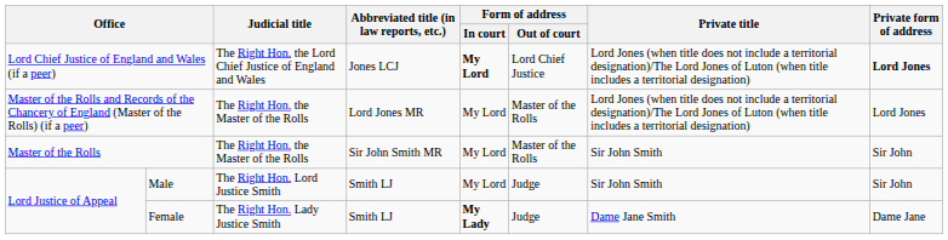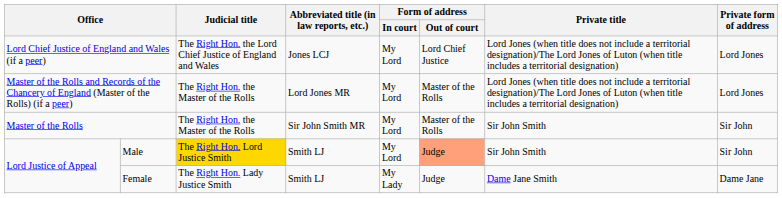 <table class="wikitable">
 <tr>
 <th rowspan=2 colspan=2>Office</th>
 <th rowspan=2>Judicial title</th>
 <th rowspan=2>Abbreviated title (in law reports, etc.)</th>
 <th colspan=2>Form of address</th>
 <th rowspan=2>Private title</th>
 <th rowspan=2>Private form of address</th>
 </tr>
 <tr>
 <th nowrap>In court</th>
 <th nowrap>Out of court</th>
 </tr>
 <tr>
 <td colspan=2><a href='#'>Lord Chief Justice of England and Wales</a> (if a <a href='#'>peer</a>)</td>
 <td>The <a href='#'>Right Hon.</a> the Lord Chief Justice of England and Wales</td>
 <td>Jones LCJ</td>
-<td><strong>My Lord</strong></td>
+<td>My Lord</td>
 <td>Lord Chief Justice</td>
 <td>Lord Jones (when title does not include a territorial designation)/The Lord Jones of Luton (when title includes a territorial designation)</td>
-<td><strong>Lord Jones</strong></td>
+<td>Lord Jones</td>
 </tr>
 <tr>
 <td colspan=2><a href='#'>Master of the Rolls and Records of the Chancery of England</a> (Master of the Rolls) (if a <a href='#'>peer</a>)</td>
 <td>The <a href='#'>Right Hon.</a> the Master of the Rolls</td>
 <td>Lord Jones MR</td>
 <td>My Lord</td>
 <td>Master of the Rolls</td>
 <td>Lord Jones (when title does not include a territorial designation)/The Lord Jones of Luton (when title includes a territorial designation)</td>
 <td>Lord Jones</td>
 </tr>
 <tr>
 <td colspan=2><a href='#'>Master of the Rolls</a></td>
 <td>The <a href='#'>Right Hon.</a> the Master of the Rolls</td>
 <td>Sir John Smith MR</td>
 <td>My Lord</td>
 <td>Master of the Rolls</td>
 <td>Sir John Smith</td>
 <td>Sir John</td>
 </tr>
 <tr>
 <td rowspan=2><a href='#'>Lord Justice of Appeal</a></td>
 <td>Male</td>
-<td>The <a href='#'>Right Hon.</a> Lord Justice Smith</td>
+<td style="background: gold;">The <a href='#'>Right Hon.</a> Lord Justice Smith</td>
 <td>Smith LJ</td>
 <td>My Lord</td>
-<td>Judge</td>
+<td style="background: lightsalmon;">Judge</td>
 <td>Sir John Smith</td>
 <td>Sir John</td>
 </tr>
 <tr>
 <td>Female</td>
 <td>The <a href='#'>Right Hon.</a> Lady Justice Smith</td>
 <td>Smith LJ</td>
-<td><strong>My Lady</strong></td>
+<td>My Lady</td>
 <td>Judge</td>
 <td><a href='#'>Dame</a> Jane Smith</td>
 <td>Dame Jane</td>
 </tr>
 </table>
